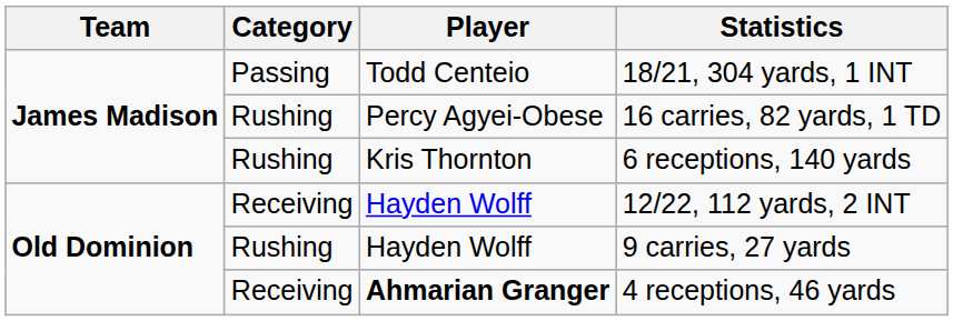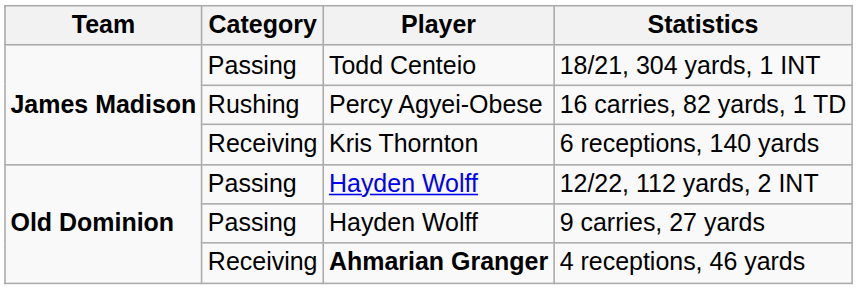 <table class="wikitable" style="float: right;">
 <tr>
 <th>Team</th>
 <th>Category</th>
 <th>Player</th>
 <th>Statistics</th>
 </tr>
 <tr>
 <td rowspan=3><strong>James Madison</strong></td>
 <td>Passing</td>
 <td>Todd Centeio</td>
 <td>18/21, 304 yards, 1 INT</td>
 </tr>
 <tr>
 <td>Rushing</td>
 <td>Percy Agyei-Obese</td>
 <td>16 carries, 82 yards, 1 TD</td>
 </tr>
 <tr>
-<td>Rushing</td>
+<td>Receiving</td>
 <td>Kris Thornton</td>
 <td>6 receptions, 140 yards</td>
 </tr>
 <tr>
 <td rowspan=3><strong>Old Dominion</strong></td>
-<td>Receiving</td>
+<td>Passing</td>
 <td><a href='#'>Hayden Wolff</a></td>
 <td>12/22, 112 yards, 2 INT</td>
 </tr>
 <tr>
-<td>Rushing</td>
+<td>Passing</td>
 <td>Hayden Wolff</td>
 <td>9 carries, 27 yards</td>
 </tr>
 <tr>
 <td>Receiving</td>
 <td><strong>Ahmarian Granger</strong></td>
 <td>4 receptions, 46 yards</td>
 </tr>
 </table>
